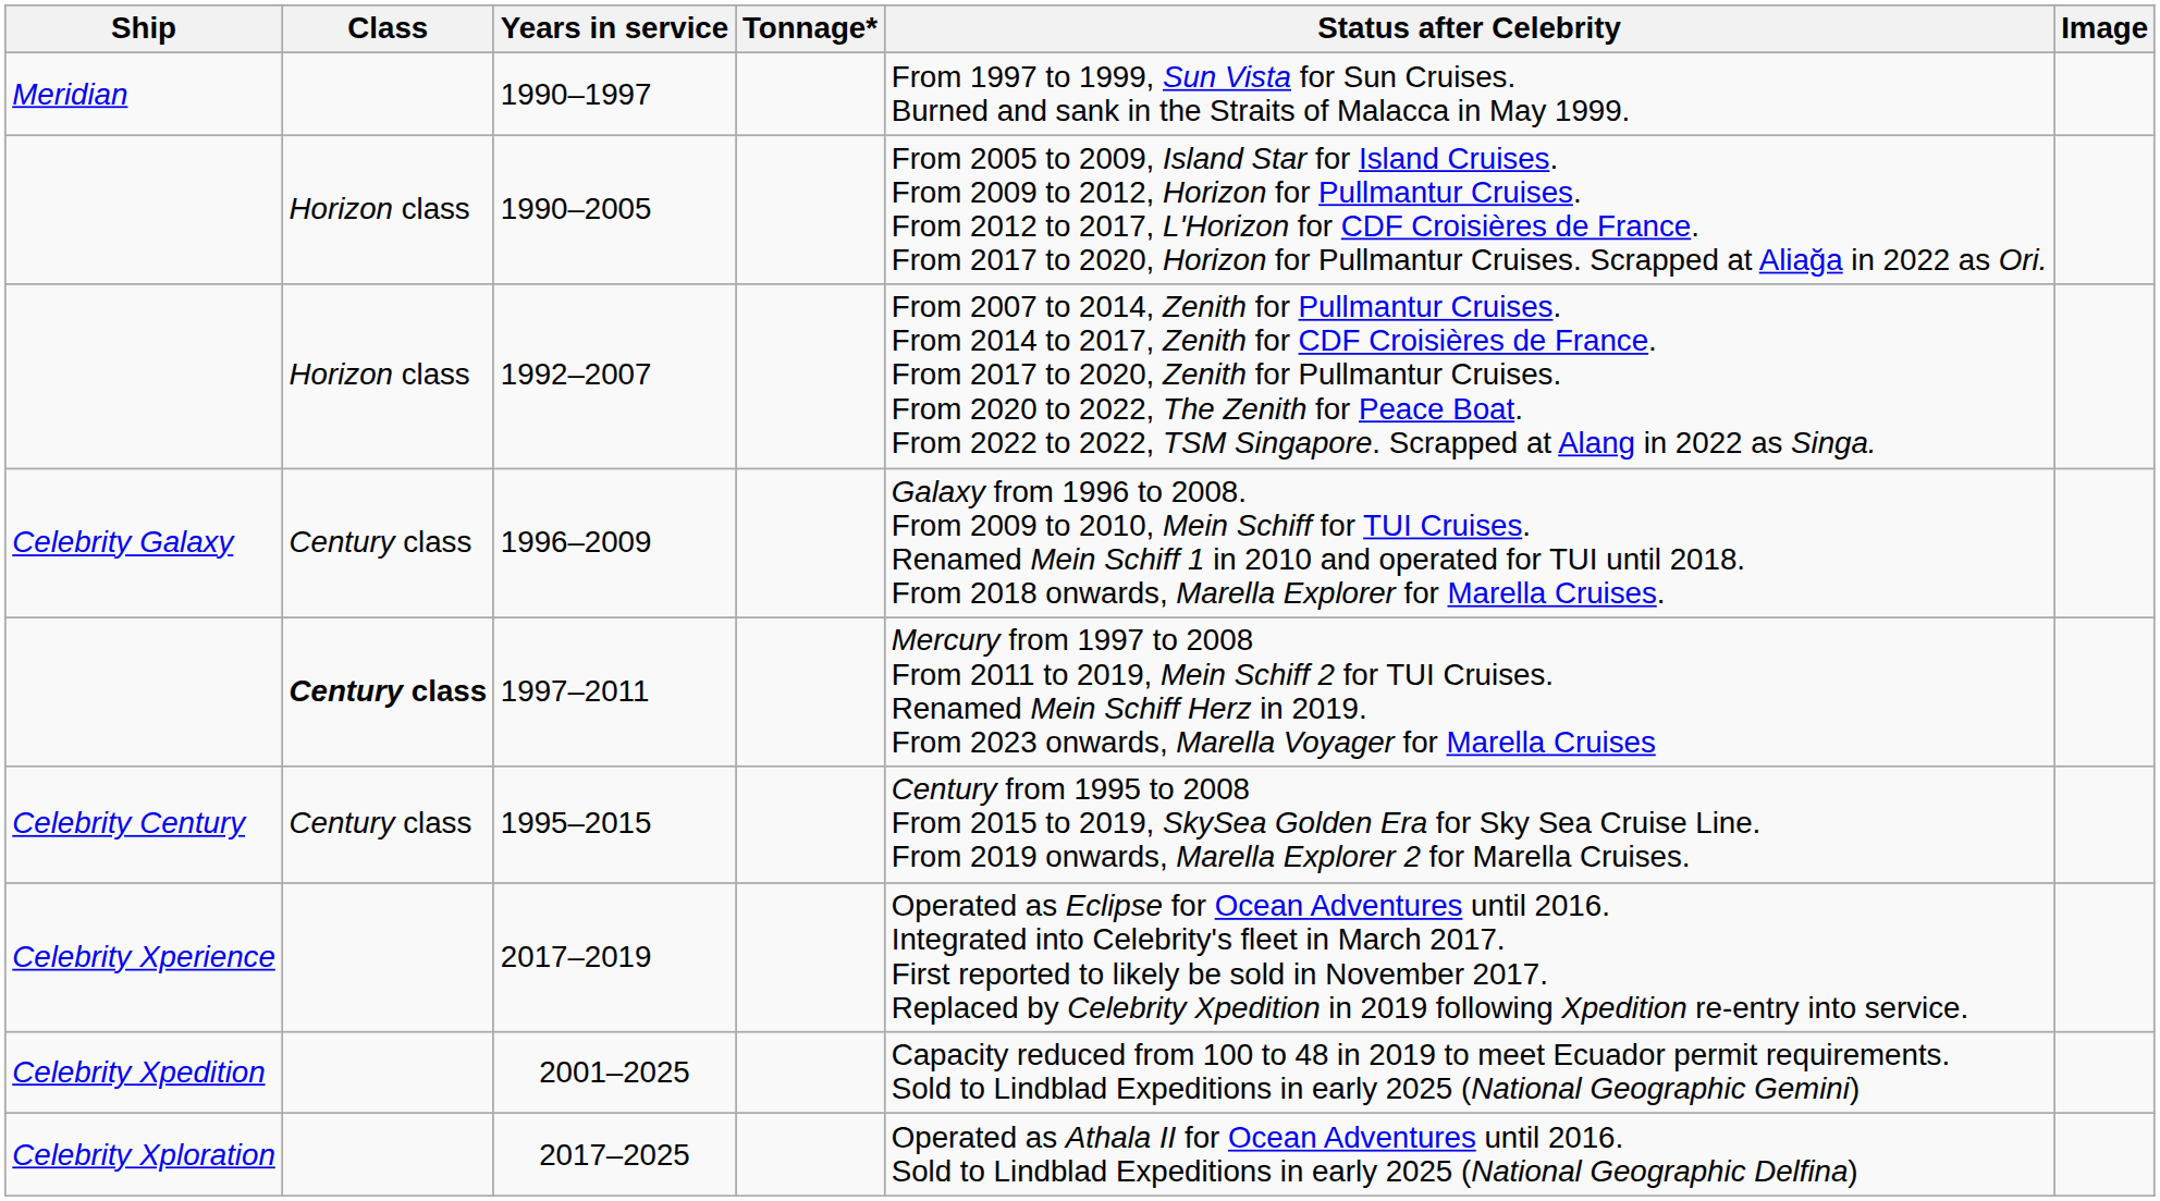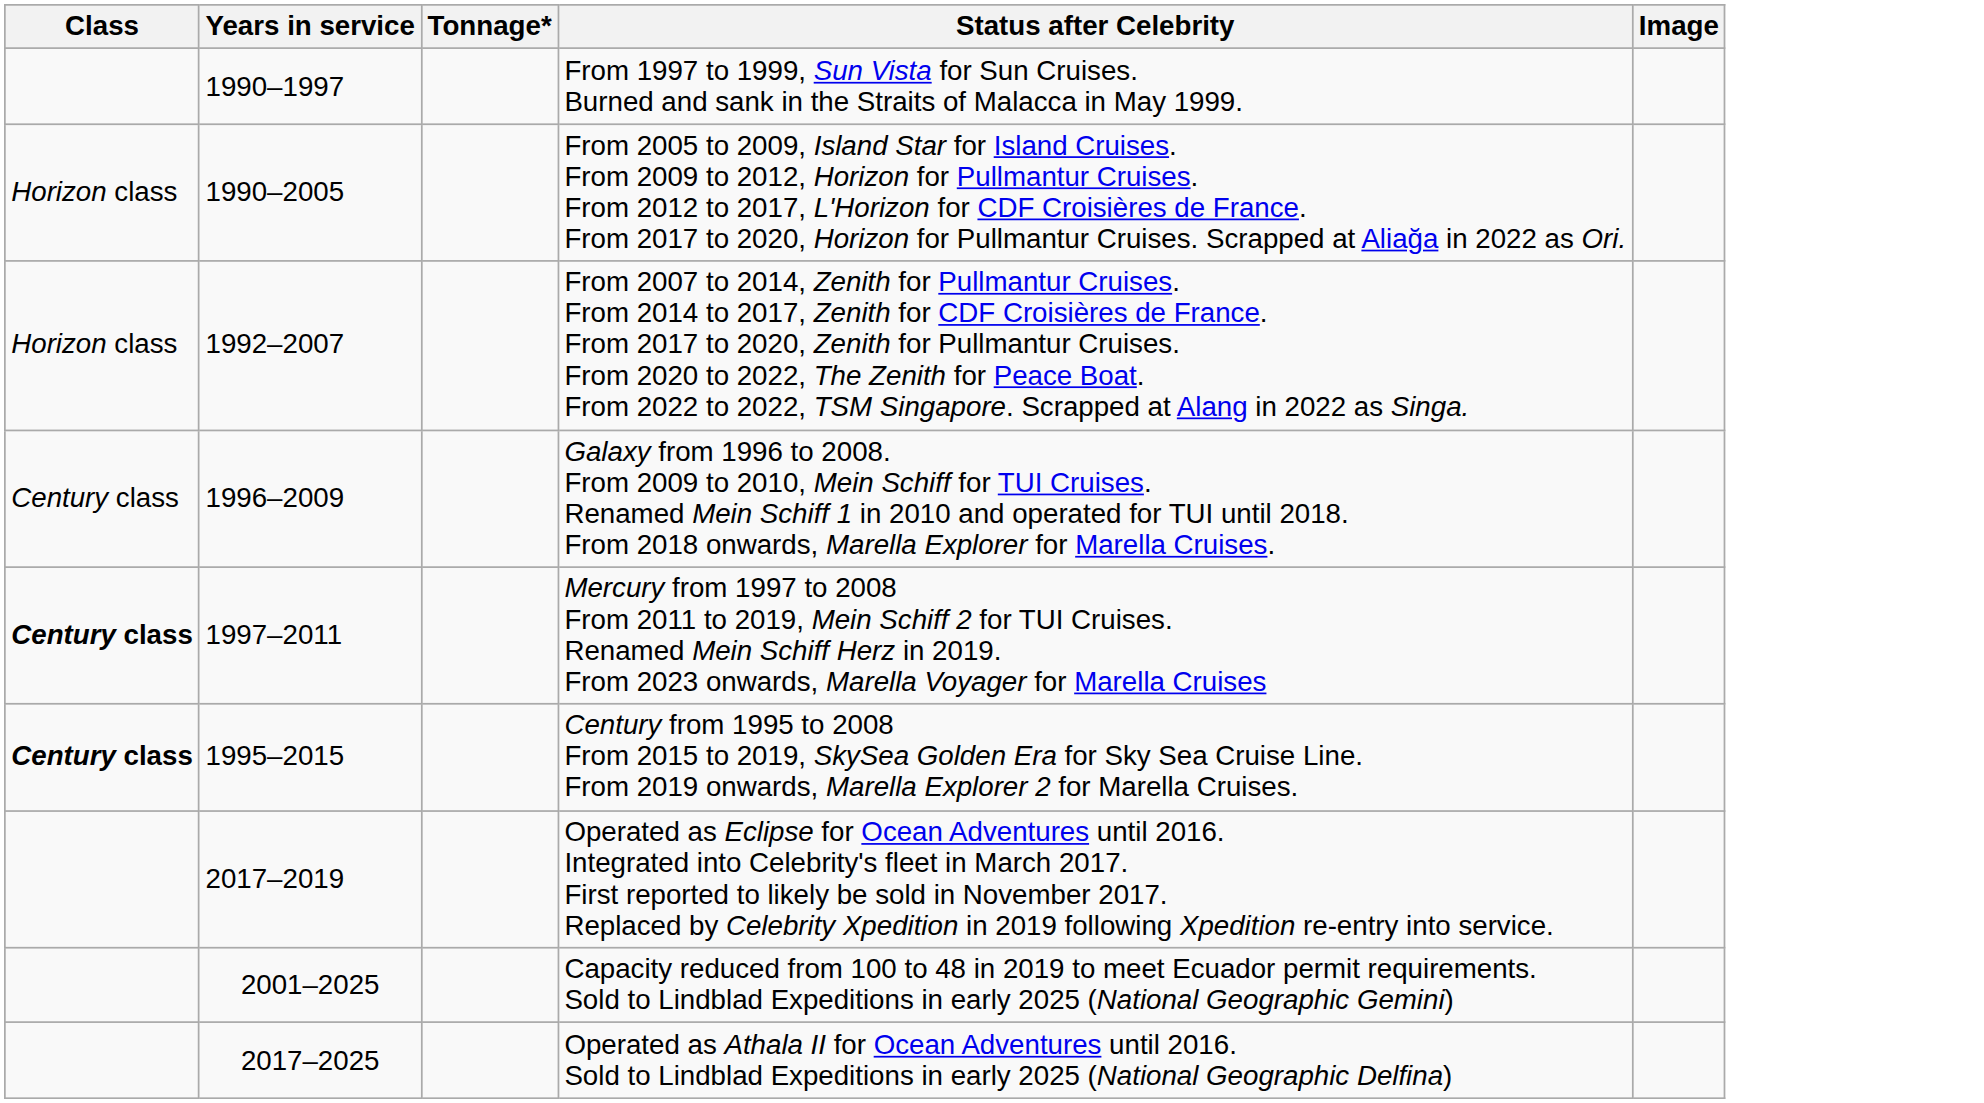 <table class="wikitable sortable">
 <tr>
-<th>Ship</th>
 <th>Class</th>
 <th>Years in service</th>
 <th>Tonnage*</th>
 <th>Status after Celebrity</th>
 <th>Image</th>
 </tr>
 <tr>
-<td><em><a href='#'>Meridian</a></em></td>
 <td></td>
 <td>1990–1997</td>
 <td align=Right></td>
 <td>From 1997 to 1999, <em><a href='#'>Sun Vista</a></em> for Sun Cruises.<br>Burned and sank in the Straits of Malacca in May 1999.</td>
 <td></td>
 </tr>
 <tr>
-<td></td>
 <td><em>Horizon</em> class</td>
 <td>1990–2005</td>
 <td align=Right></td>
 <td>From 2005 to 2009, <em>Island Star</em> for <a href='#'>Island Cruises</a>.<br>From 2009 to 2012, <em>Horizon</em> for <a href='#'>Pullmantur Cruises</a>.<br>From 2012 to 2017, <em>L'Horizon</em> for <a href='#'>CDF Croisières de France</a>.<br>From 2017 to 2020, <em>Horizon</em> for Pullmantur Cruises. Scrapped at <a href='#'>Aliağa</a> in 2022 as <em>Ori.</em></td>
 <td></td>
 </tr>
 <tr>
-<td></td>
 <td><em>Horizon</em> class</td>
 <td>1992–2007</td>
 <td align=Right></td>
 <td>From 2007 to 2014, <em>Zenith</em> for <a href='#'>Pullmantur Cruises</a>.<br>From 2014 to 2017, <em>Zenith</em> for <a href='#'>CDF Croisières de France</a>.<br>From 2017 to 2020, <em>Zenith</em> for Pullmantur Cruises.<br>From 2020 to 2022, <em>The Zenith</em> for <a href='#'>Peace Boat</a>.<br>From 2022 to 2022, <em>TSM Singapore</em>.  Scrapped at <a href='#'>Alang</a> in 2022 as <em>Singa.</em></td>
 <td></td>
 </tr>
 <tr>
-<td><em><a href='#'>Celebrity Galaxy</a></em></td>
 <td><em>Century</em> class</td>
 <td>1996–2009</td>
 <td align=Right></td>
 <td><em>Galaxy</em> from 1996 to 2008.<br>From 2009 to 2010, <em>Mein Schiff</em> for <a href='#'>TUI Cruises</a>.<br>Renamed <em>Mein Schiff 1</em> in 2010 and operated for TUI until 2018.<br>From 2018 onwards, <em>Marella Explorer</em> for <a href='#'>Marella Cruises</a>.</td>
 <td></td>
 </tr>
 <tr>
-<td></td>
 <td><strong><em>Century</em> class</strong></td>
 <td>1997–2011</td>
 <td align=Right></td>
 <td><em>Mercury</em> from 1997 to 2008<br>From 2011 to 2019, <em>Mein Schiff 2</em> for TUI Cruises.<br>Renamed <em>Mein Schiff Herz</em> in 2019.<br>From 2023 onwards, <em>Marella Voyager</em> for <a href='#'>Marella Cruises</a></td>
 <td></td>
 </tr>
 <tr>
-<td><em><a href='#'>Celebrity Century</a></em></td>
-<td><em>Century</em> class</td>
+<td><strong><em>Century</em> class</strong></td>
 <td>1995–2015</td>
 <td align=Right></td>
 <td><em>Century</em> from 1995 to 2008<br>From 2015 to 2019, <em>SkySea Golden Era</em> for Sky Sea Cruise Line.<br>From 2019 onwards, <em>Marella Explorer 2</em> for Marella Cruises.</td>
 <td></td>
 </tr>
 <tr>
-<td><em><a href='#'>Celebrity Xperience</a></em></td>
 <td></td>
 <td>2017–2019</td>
 <td align=Right></td>
 <td>Operated as <em>Eclipse</em> for <a href='#'>Ocean Adventures</a> until 2016.<br>Integrated into Celebrity's fleet in March 2017.<br>First reported to likely be sold in November 2017.<br>Replaced by <em>Celebrity Xpedition</em> in 2019 following <em>Xpedition</em> re-entry into service.</td>
 <td></td>
 </tr>
 <tr>
-<td><em><a href='#'>Celebrity Xpedition</a></em></td>
 <td></td>
 <td style="text-align:Center;">2001–2025</td>
 <td style="text-align:Center;"></td>
 <td>Capacity reduced from 100 to 48 in 2019 to meet Ecuador permit requirements.<br> Sold to Lindblad Expeditions in early 2025  (<em>National Geographic Gemini</em>)</td>
 <td></td>
 </tr>
 <tr>
-<td><em><a href='#'>Celebrity Xploration</a></em></td>
 <td></td>
 <td style="text-align:Center;">2017–2025</td>
 <td style="text-align:Center;"></td>
 <td>Operated as <em>Athala II</em> for <a href='#'>Ocean Adventures</a> until 2016.<br> Sold to Lindblad Expeditions in early 2025 (<em>National Geographic Delfina</em>)</td>
 <td></td>
 </tr>
 </table>
